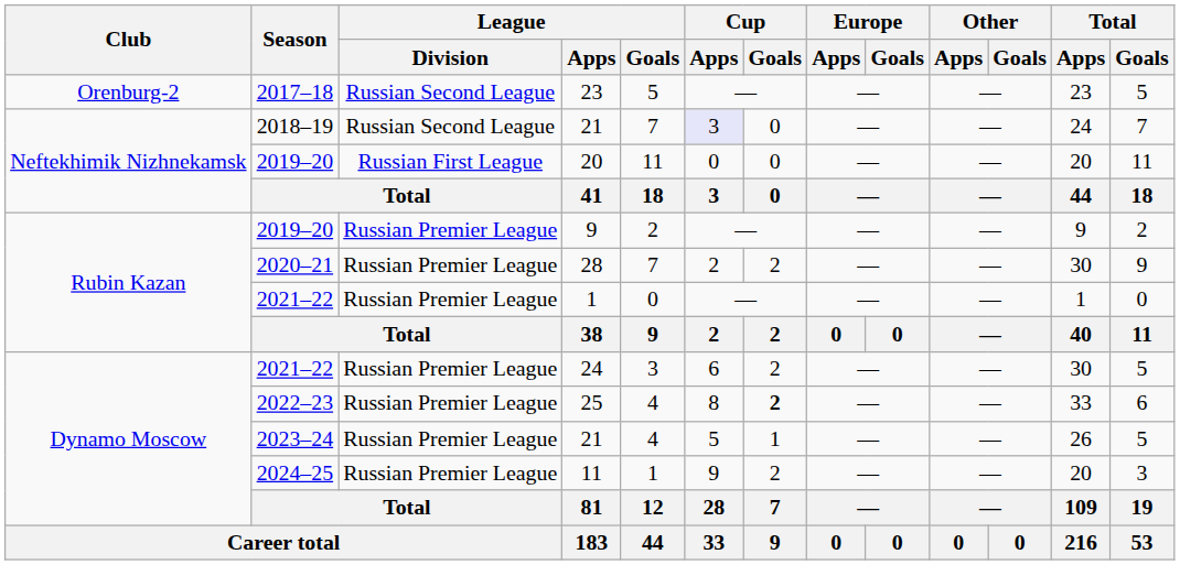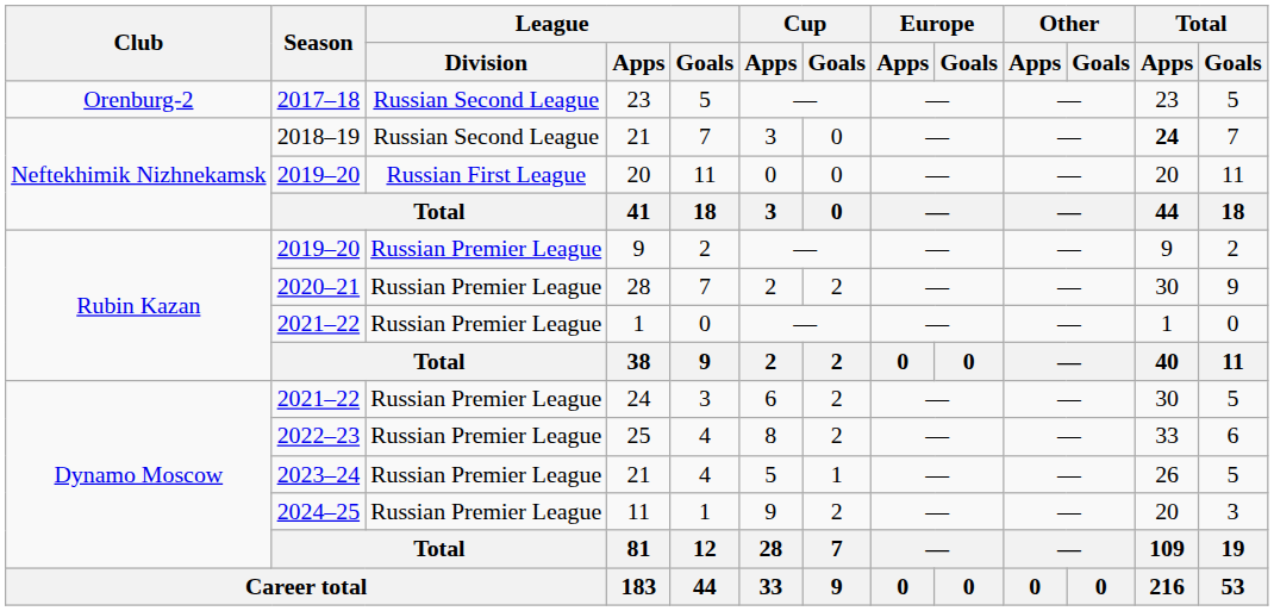 <table class="wikitable" style="text-align: center;">
 <tr>
 <th rowspan="2">Club</th>
 <th rowspan="2">Season</th>
 <th colspan="3">League</th>
 <th colspan="2">Cup</th>
 <th colspan="2">Europe</th>
 <th colspan="2">Other</th>
 <th colspan="2">Total</th>
 </tr>
 <tr>
 <th>Division</th>
 <th>Apps</th>
 <th>Goals</th>
 <th>Apps</th>
 <th>Goals</th>
 <th>Apps</th>
 <th>Goals</th>
 <th>Apps</th>
 <th>Goals</th>
 <th>Apps</th>
 <th>Goals</th>
 </tr>
 <tr>
 <td><a href='#'>Orenburg-2</a></td>
 <td><a href='#'>2017–18</a></td>
 <td><a href='#'>Russian Second League</a></td>
 <td>23</td>
 <td>5</td>
 <td colspan="2">—</td>
 <td colspan="2">—</td>
 <td colspan="2">—</td>
 <td>23</td>
 <td>5</td>
 </tr>
 <tr>
 <td rowspan=3><a href='#'>Neftekhimik Nizhnekamsk</a></td>
 <td>2018–19</td>
 <td>Russian Second League</td>
 <td>21</td>
 <td>7</td>
-<td style="background: lavender;">3</td>
+<td>3</td>
 <td>0</td>
 <td colspan="2">—</td>
 <td colspan="2">—</td>
-<td>24</td>
+<td><strong>24</strong></td>
 <td>7</td>
 </tr>
 <tr>
 <td><a href='#'>2019–20</a></td>
 <td><a href='#'>Russian First League</a></td>
 <td>20</td>
 <td>11</td>
 <td>0</td>
 <td>0</td>
 <td colspan="2">—</td>
 <td colspan="2">—</td>
 <td>20</td>
 <td>11</td>
 </tr>
 <tr>
 <th colspan="2">Total</th>
 <th>41</th>
 <th>18</th>
 <th>3</th>
 <th>0</th>
 <th colspan="2">—</th>
 <th colspan="2">—</th>
 <th>44</th>
 <th>18</th>
 </tr>
 <tr>
 <td rowspan=4><a href='#'>Rubin Kazan</a></td>
 <td><a href='#'>2019–20</a></td>
 <td><a href='#'>Russian Premier League</a></td>
 <td>9</td>
 <td>2</td>
 <td colspan="2">—</td>
 <td colspan="2">—</td>
 <td colspan="2">—</td>
 <td>9</td>
 <td>2</td>
 </tr>
 <tr>
 <td><a href='#'>2020–21</a></td>
 <td>Russian Premier League</td>
 <td>28</td>
 <td>7</td>
 <td>2</td>
 <td>2</td>
 <td colspan="2">—</td>
 <td colspan="2">—</td>
 <td>30</td>
 <td>9</td>
 </tr>
 <tr>
 <td><a href='#'>2021–22</a></td>
 <td>Russian Premier League</td>
 <td>1</td>
 <td>0</td>
 <td colspan="2">—</td>
 <td colspan="2">—</td>
 <td colspan="2">—</td>
 <td>1</td>
 <td>0</td>
 </tr>
 <tr>
 <th colspan="2">Total</th>
 <th>38</th>
 <th>9</th>
 <th>2</th>
 <th>2</th>
 <th>0</th>
 <th>0</th>
 <th colspan="2">—</th>
 <th>40</th>
 <th>11</th>
 </tr>
 <tr>
 <td rowspan="5"><a href='#'>Dynamo Moscow</a></td>
 <td><a href='#'>2021–22</a></td>
 <td>Russian Premier League</td>
 <td>24</td>
 <td>3</td>
 <td>6</td>
 <td>2</td>
 <td colspan="2">—</td>
 <td colspan="2">—</td>
 <td>30</td>
 <td>5</td>
 </tr>
 <tr>
 <td><a href='#'>2022–23</a></td>
 <td>Russian Premier League</td>
 <td>25</td>
 <td>4</td>
 <td>8</td>
-<td><strong>2</strong></td>
+<td>2</td>
 <td colspan="2">—</td>
 <td colspan="2">—</td>
 <td>33</td>
 <td>6</td>
 </tr>
 <tr>
 <td><a href='#'>2023–24</a></td>
 <td>Russian Premier League</td>
 <td>21</td>
 <td>4</td>
 <td>5</td>
 <td>1</td>
 <td colspan="2">—</td>
 <td colspan="2">—</td>
 <td>26</td>
 <td>5</td>
 </tr>
 <tr>
 <td><a href='#'>2024–25</a></td>
 <td>Russian Premier League</td>
 <td>11</td>
 <td>1</td>
 <td>9</td>
 <td>2</td>
 <td colspan="2">—</td>
 <td colspan="2">—</td>
 <td>20</td>
 <td>3</td>
 </tr>
 <tr>
 <th colspan="2">Total</th>
 <th>81</th>
 <th>12</th>
 <th>28</th>
 <th>7</th>
 <th colspan="2">—</th>
 <th colspan="2">—</th>
 <th>109</th>
 <th>19</th>
 </tr>
 <tr>
 <th colspan="3">Career total</th>
 <th>183</th>
 <th>44</th>
 <th>33</th>
 <th>9</th>
 <th>0</th>
 <th>0</th>
 <th>0</th>
 <th>0</th>
 <th>216</th>
 <th>53</th>
 </tr>
 </table>
